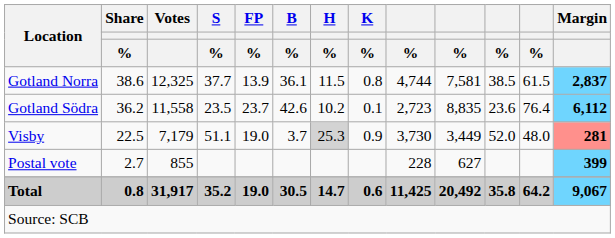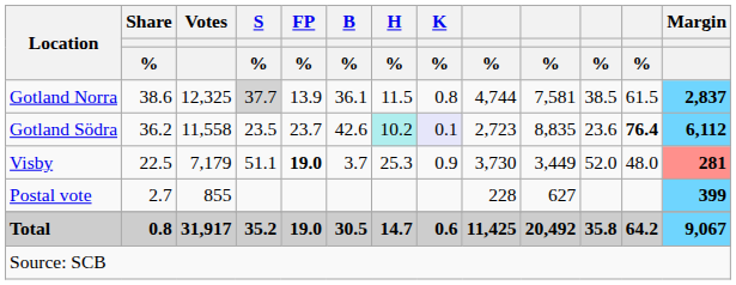 <table class="wikitable sortable" style="text-align:right; font-size:95%; line-height:20px;">
 <tr>
 <th rowspan="3">Location</th>
 <th>Share</th>
 <th>Votes</th>
 <th width="30px" class="unsortable"><a href='#'>S</a></th>
 <th width="30px" class="unsortable"><a href='#'>FP</a></th>
 <th width="30px" class="unsortable"><a href='#'>B</a></th>
 <th width="30px" class="unsortable"><a href='#'>H</a></th>
 <th width="30px" class="unsortable"><a href='#'>K</a></th>
 <th></th>
 <th></th>
 <th></th>
 <th></th>
 <th>Margin</th>
 </tr>
 <tr>
 <th></th>
 <th></th>
 <th style="background:"></th>
 <th style="background:"></th>
 <th style="background:"></th>
 <th style="background:"></th>
 <th style="background:"></th>
 <th style="background:"></th>
 <th style="background:"></th>
 <th style="background:"></th>
 <th style="background:"></th>
 <th></th>
 </tr>
 <tr>
 <th data-sort-type="number">%</th>
 <th></th>
 <th data-sort-type="number">%</th>
 <th data-sort-type="number">%</th>
 <th data-sort-type="number">%</th>
 <th data-sort-type="number">%</th>
 <th data-sort-type="number">%</th>
 <th data-sort-type="number">%</th>
 <th data-sort-type="number">%</th>
 <th data-sort-type="number">%</th>
 <th data-sort-type="number">%</th>
 <th data-sort-type="number"></th>
 </tr>
 <tr>
 <td align=left><a href='#'>Gotland Norra</a></td>
 <td>38.6</td>
 <td>12,325</td>
-<td>37.7</td>
+<td style="background: lightgrey;">37.7</td>
 <td>13.9</td>
 <td>36.1</td>
 <td>11.5</td>
 <td>0.8</td>
 <td>4,744</td>
 <td>7,581</td>
 <td>38.5</td>
 <td>61.5</td>
 <td bgcolor=#6fd5fe><strong>2,837</strong></td>
 </tr>
 <tr>
 <td align=left><a href='#'>Gotland Södra</a></td>
 <td>36.2</td>
 <td>11,558</td>
 <td>23.5</td>
 <td>23.7</td>
 <td>42.6</td>
-<td>10.2</td>
-<td>0.1</td>
+<td style="background: paleturquoise;">10.2</td>
+<td style="background: lavender;">0.1</td>
 <td>2,723</td>
 <td>8,835</td>
 <td>23.6</td>
-<td>76.4</td>
+<td><strong>76.4</strong></td>
 <td bgcolor=#6fd5fe><strong>6,112</strong></td>
 </tr>
 <tr>
 <td align=left><a href='#'>Visby</a></td>
 <td>22.5</td>
 <td>7,179</td>
 <td>51.1</td>
-<td>19.0</td>
+<td><strong>19.0</strong></td>
 <td>3.7</td>
-<td style="background: lightgrey;">25.3</td>
+<td>25.3</td>
 <td>0.9</td>
 <td>3,730</td>
 <td>3,449</td>
 <td>52.0</td>
 <td>48.0</td>
 <td bgcolor=#ff908c><strong>281</strong></td>
 </tr>
 <tr>
 <td align=left><a href='#'>Postal vote</a></td>
 <td>2.7</td>
 <td>855</td>
 <td></td>
 <td></td>
 <td></td>
 <td></td>
 <td></td>
 <td>228</td>
 <td>627</td>
 <td></td>
 <td></td>
 <td bgcolor=#6fd5fe><strong>399</strong></td>
 </tr>
 <tr>
 </tr>
 <tr style="background:#CDCDCD;">
 <td align=left><strong>Total</strong></td>
 <td><strong>0.8</strong></td>
 <td><strong>31,917</strong></td>
 <td><strong>35.2</strong></td>
 <td><strong>19.0</strong></td>
 <td><strong>30.5</strong></td>
 <td><strong>14.7</strong></td>
 <td><strong>0.6</strong></td>
 <td><strong>11,425</strong></td>
 <td><strong>20,492</strong></td>
 <td><strong>35.8</strong></td>
 <td><strong>64.2</strong></td>
 <td bgcolor=#6fd5fe><strong>9,067</strong></td>
 </tr>
 <tr>
 <td align=left colspan=13>Source: SCB </td>
 </tr>
 </table>
